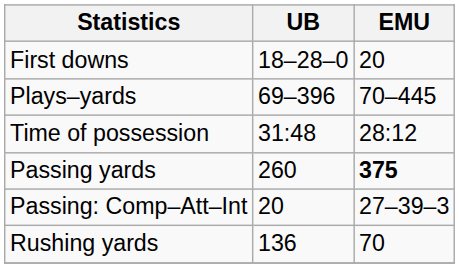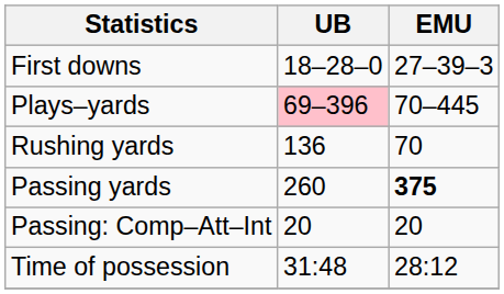 <table class="wikitable" style="float: left;">
 <tr>
 <th>Statistics</th>
 <th>UB</th>
 <th>EMU</th>
 </tr>
 <tr>
 <td>First downs</td>
 <td>18–28–0</td>
-<td>20</td>
+<td>27–39–3</td>
 </tr>
 <tr>
 <td>Plays–yards</td>
-<td>69–396</td>
+<td style="background: pink;">69–396</td>
 <td>70–445</td>
 </tr>
 <tr>
-<td>Time of possession</td>
-<td>31:48</td>
-<td>28:12</td>
+<td>Rushing yards</td>
+<td>136</td>
+<td>70</td>
 </tr>
 <tr>
 <td>Passing yards</td>
 <td>260</td>
 <td><strong>375</strong></td>
 </tr>
 <tr>
 <td>Passing: Comp–Att–Int</td>
 <td>20</td>
-<td>27–39–3</td>
+<td>20</td>
 </tr>
 <tr>
-<td>Rushing yards</td>
-<td>136</td>
-<td>70</td>
+<td>Time of possession</td>
+<td>31:48</td>
+<td>28:12</td>
 </tr>
 <tr>
 </tr>
 </table>
